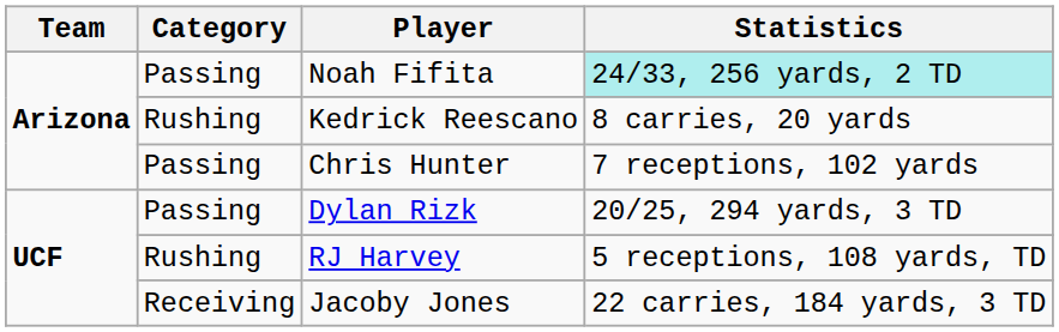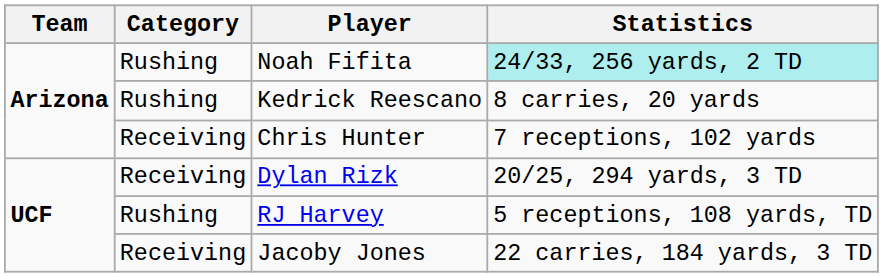 <table class="wikitable" style="float: right;">
 <tr>
 <th>Team</th>
 <th>Category</th>
 <th>Player</th>
 <th>Statistics</th>
 </tr>
 <tr>
 <td rowspan=3><strong>Arizona</strong></td>
-<td>Passing</td>
+<td>Rushing</td>
 <td>Noah Fifita</td>
 <td style="background: paleturquoise;">24/33, 256 yards, 2 TD</td>
 </tr>
 <tr>
 <td>Rushing</td>
 <td>Kedrick Reescano</td>
 <td>8 carries, 20 yards</td>
 </tr>
 <tr>
-<td>Passing</td>
+<td>Receiving</td>
 <td>Chris Hunter</td>
 <td>7 receptions, 102 yards</td>
 </tr>
 <tr>
 <td rowspan=3><strong>UCF</strong></td>
-<td>Passing</td>
+<td>Receiving</td>
 <td><a href='#'>Dylan Rizk</a></td>
 <td>20/25, 294 yards, 3 TD</td>
 </tr>
 <tr>
 <td>Rushing</td>
 <td><a href='#'>RJ Harvey</a></td>
 <td>5 receptions, 108 yards, TD</td>
 </tr>
 <tr>
 <td>Receiving</td>
 <td>Jacoby Jones</td>
 <td>22 carries, 184 yards, 3 TD</td>
 </tr>
 </table>
